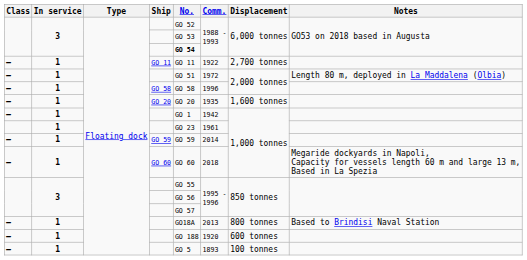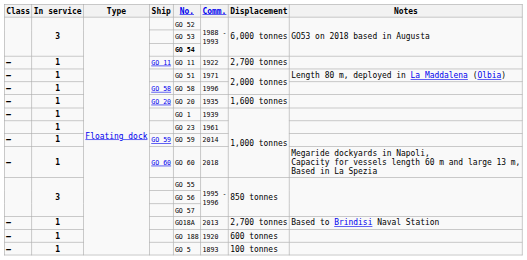 <table class="wikitable">
 <tr>
 <th>Class</th>
 <th>In service</th>
 <th>Type</th>
 <th>Ship</th>
 <th><a href='#'>No.</a></th>
 <th><a href='#'>Comm.</a></th>
 <th>Displacement</th>
 <th>Notes</th>
 </tr>
 <tr>
 <td rowspan="3"><strong></strong></td>
 <td rowspan="3" style="text-align: center;"><strong>3</strong></td>
 <td rowspan="17"><a href='#'>Floating dock</a></td>
 <td><small></small></td>
 <td><small>GO 52</small></td>
 <td rowspan="3"><small>1988 -</small><br><small>1993</small></td>
 <td rowspan="3">6,000 tonnes</td>
 <td rowspan="3">GO53 on 2018 based in Augusta</td>
 </tr>
 <tr>
 <td><small></small></td>
 <td><small>GO 53</small></td>
 </tr>
 <tr>
 <td><small></small></td>
 <td><strong><small>GO 54</small></strong></td>
 </tr>
 <tr>
 <td><strong><em>—</em></strong></td>
 <td style="text-align: center;"><strong>1</strong></td>
 <td><a href='#'><small>GO 11</small></a></td>
 <td><small>GO 11</small></td>
 <td><small>1922</small></td>
 <td>2,700 tonnes</td>
 <td></td>
 </tr>
 <tr>
 <td><strong><em>—</em></strong></td>
 <td style="text-align: center;"><strong>1</strong></td>
 <td><small></small></td>
 <td><small>GO 51</small></td>
-<td><small>1972</small></td>
+<td><small>1971</small></td>
 <td rowspan="2">2,000 tonnes</td>
 <td>Length 80 m, deployed in <a href='#'>La Maddalena</a> (<a href='#'>Olbia</a>)<br></td>
 </tr>
 <tr>
 <td><strong><em>—</em></strong></td>
 <td style="text-align: center;"><strong>1</strong></td>
 <td><a href='#'><small>GO 58</small></a></td>
 <td><small>GO 58</small></td>
 <td><small>1996</small></td>
 <td></td>
 </tr>
 <tr>
 <td><strong><em>—</em></strong></td>
 <td style="text-align: center;"><strong>1</strong></td>
 <td><a href='#'><small>GO 20</small></a></td>
 <td><small>GO 20</small></td>
 <td><small>1935</small></td>
 <td>1,600 tonnes</td>
 <td></td>
 </tr>
 <tr>
 <td><strong><em>—</em></strong></td>
 <td style="text-align: center;"><strong>1</strong></td>
 <td><small></small></td>
 <td><small>GO 1</small></td>
-<td><small>1942</small></td>
+<td><small>1939</small></td>
 <td rowspan="4">1,000 tonnes</td>
 <td></td>
 </tr>
 <tr>
 <td><strong></strong></td>
 <td style="text-align: center;"><strong>1</strong></td>
 <td><small></small></td>
 <td><small>GO 23</small></td>
 <td><small>1961</small></td>
 <td></td>
 </tr>
 <tr>
 <td><strong><em>—</em></strong></td>
 <td style="text-align: center;"><strong>1</strong></td>
 <td><a href='#'><small>GO 59</small></a></td>
 <td><small>GO 59</small></td>
 <td><small>2014</small></td>
 <td></td>
 </tr>
 <tr>
 <td><strong><em>—</em></strong></td>
 <td style="text-align: center;"><strong>1</strong></td>
 <td><a href='#'><small>GO 60</small></a></td>
 <td><small>GO 60</small></td>
 <td><small>2018</small></td>
 <td>Megaride dockyards in Napoli,<br>Capacity for vessels length 60 m and large 13 m,<br>Based in La Spezia</td>
 </tr>
 <tr>
 <td rowspan="3"><strong></strong></td>
 <td rowspan="3" style="text-align: center;"><strong>3</strong></td>
 <td><small></small></td>
 <td><small>GO 55</small></td>
 <td rowspan="3"><small>1995 -</small><br><small>1996</small></td>
 <td rowspan="3">850 tonnes</td>
 <td rowspan="3"></td>
 </tr>
 <tr>
 <td><small></small></td>
 <td><small>GO 56</small></td>
 </tr>
 <tr>
 <td><small></small></td>
 <td><small>GO 57</small></td>
 </tr>
 <tr>
 <td><strong><em>—</em></strong></td>
 <td style="text-align: center;"><strong>1</strong></td>
 <td><small></small></td>
 <td><small>GO18A</small></td>
 <td><small>2013</small></td>
-<td>800 tonnes</td>
+<td>2,700 tonnes</td>
 <td>Based to <a href='#'>Brindisi</a> Naval Station</td>
 </tr>
 <tr>
 <td><strong><em>—</em></strong></td>
 <td style="text-align: center;"><strong>1</strong></td>
 <td><small></small></td>
 <td><small>GO 188</small></td>
 <td><small>1920</small></td>
 <td>600 tonnes</td>
 <td></td>
 </tr>
 <tr>
 <td><strong><em>—</em></strong></td>
 <td style="text-align: center;"><strong>1</strong></td>
 <td><small></small></td>
 <td><small>GO 5</small></td>
 <td><small>1893</small></td>
 <td>100 tonnes</td>
 <td></td>
 </tr>
 </table>
